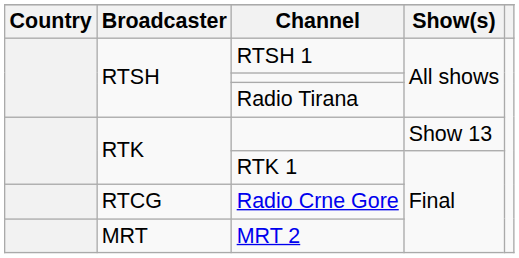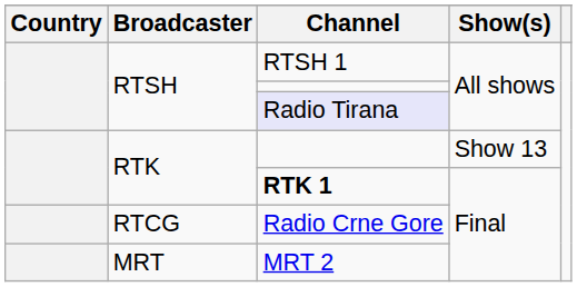 <table class="wikitable plainrowheaders">
 <tr>
 </tr>
 <tr>
 <th>Country</th>
 <th>Broadcaster</th>
 <th>Channel</th>
 <th>Show(s)</th>
 <th></th>
 </tr>
 <tr>
 <th scope="row" rowspan="3"></th>
 <td rowspan="3">RTSH</td>
 <td>RTSH 1</td>
 <td rowspan="3">All shows</td>
 <td rowspan="9"></td>
 </tr>
 <tr>
 <td></td>
 </tr>
 <tr>
-<td>Radio Tirana</td>
+<td style="background: lavender;">Radio Tirana</td>
 </tr>
 <tr>
 <th scope="row" rowspan="2"></th>
 <td rowspan="2">RTK</td>
 <td></td>
 <td>Show 13</td>
 </tr>
 <tr>
-<td>RTK 1</td>
+<td><strong>RTK 1</strong></td>
 <td rowspan="3">Final</td>
 </tr>
 <tr>
 <th scope="row"></th>
 <td>RTCG</td>
 <td><a href='#'>Radio Crne Gore</a></td>
 </tr>
 <tr>
 <th scope="row"></th>
 <td>MRT</td>
 <td><a href='#'>MRT 2</a></td>
 </tr>
 </table>
